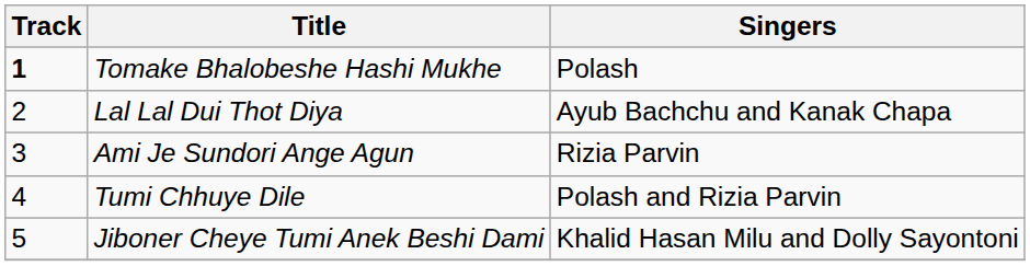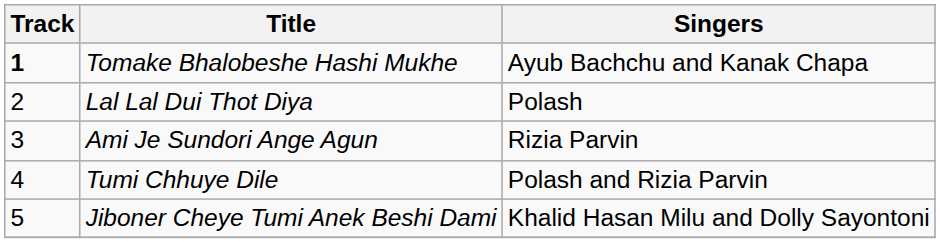 <table class="wikitable">
 <tr>
 <th>Track</th>
 <th>Title</th>
 <th>Singers</th>
 </tr>
 <tr>
 <td><strong>1</strong></td>
 <td><em>Tomake Bhalobeshe Hashi Mukhe</em></td>
-<td>Polash</td>
+<td>Ayub Bachchu and Kanak Chapa</td>
 </tr>
 <tr>
 <td>2</td>
 <td><em>Lal Lal Dui Thot Diya</em></td>
-<td>Ayub Bachchu and Kanak Chapa</td>
+<td>Polash</td>
 </tr>
 <tr>
 <td>3</td>
 <td><em>Ami Je Sundori Ange Agun</em></td>
 <td>Rizia Parvin</td>
 </tr>
 <tr>
 <td>4</td>
 <td><em>Tumi Chhuye Dile</em></td>
 <td>Polash and Rizia Parvin</td>
 </tr>
 <tr>
 <td>5</td>
 <td><em>Jiboner Cheye Tumi Anek Beshi Dami</em></td>
 <td>Khalid Hasan Milu and Dolly Sayontoni</td>
 </tr>
 <tr>
 </tr>
 </table>
